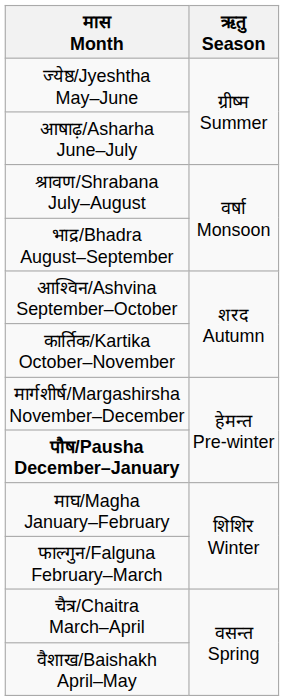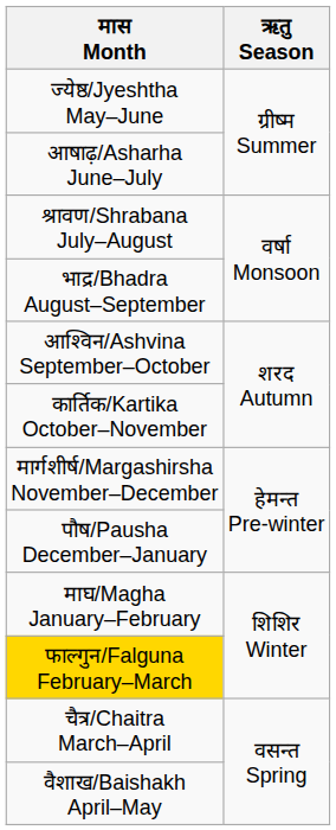 <table class="wikitable" style="float:right; margin:0.5em; text-align:center">
 <tr>
 <th>मास<br>Month</th>
 <th>ऋतु<br>Season</th>
 </tr>
 <tr>
 <td>ज्येष्ठ/Jyeshtha<br>May–June</td>
 <td rowspan="2">ग्रीष्म<br>Summer</td>
 </tr>
 <tr>
 <td>आषाढ़/Asharha<br>June–July</td>
 </tr>
 <tr>
 <td>श्रावण/Shrabana<br>July–August</td>
 <td rowspan="2">वर्षा<br>Monsoon</td>
 </tr>
 <tr>
 <td>भाद्र/Bhadra<br>August–September</td>
 </tr>
 <tr>
 <td>आश्विन/Ashvina<br>September–October</td>
 <td rowspan="2">शरद<br>Autumn</td>
 </tr>
 <tr>
 <td>कार्तिक/Kartika<br>October–November</td>
 </tr>
 <tr>
 <td>मार्गशीर्ष/Margashirsha<br>November–December</td>
 <td rowspan="2">हेमन्त<br>Pre-winter</td>
 </tr>
 <tr>
-<td><strong>पौष/Pausha<br>December–January</strong></td>
+<td>पौष/Pausha<br>December–January</td>
 </tr>
 <tr>
 <td>माघ/Magha<br>January–February</td>
 <td rowspan="2">शिशिर<br>Winter</td>
 </tr>
 <tr>
-<td>फाल्गुन/Falguna<br>February–March</td>
+<td style="background: gold;">फाल्गुन/Falguna<br>February–March</td>
 </tr>
 <tr>
 <td>चैत्र/Chaitra<br>March–April</td>
 <td rowspan="2">वसन्त<br>Spring</td>
 </tr>
 <tr>
 <td>वैशाख/Baishakh<br>April–May</td>
 </tr>
 </table>
